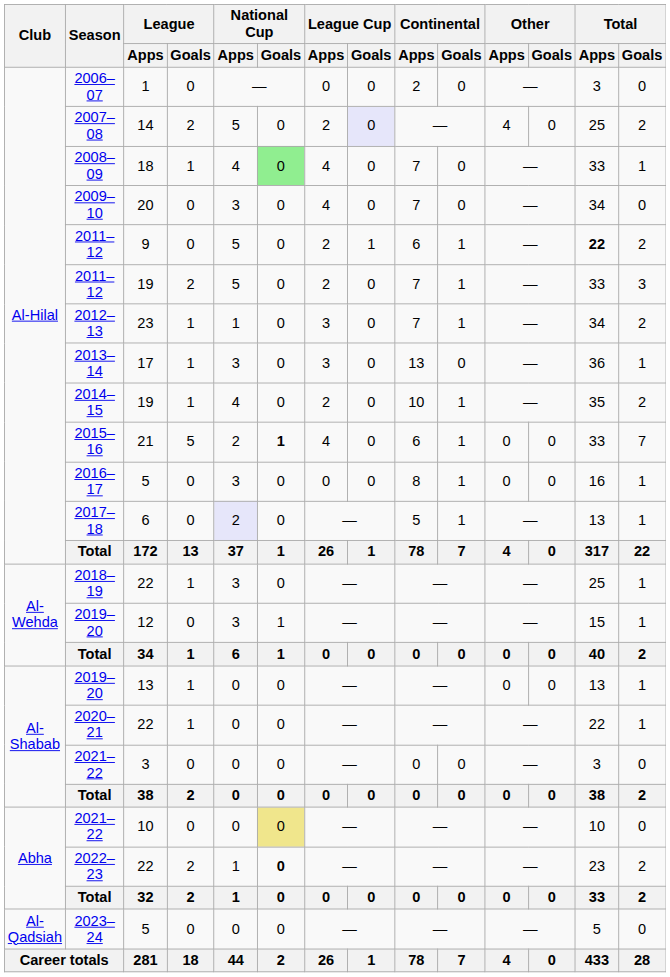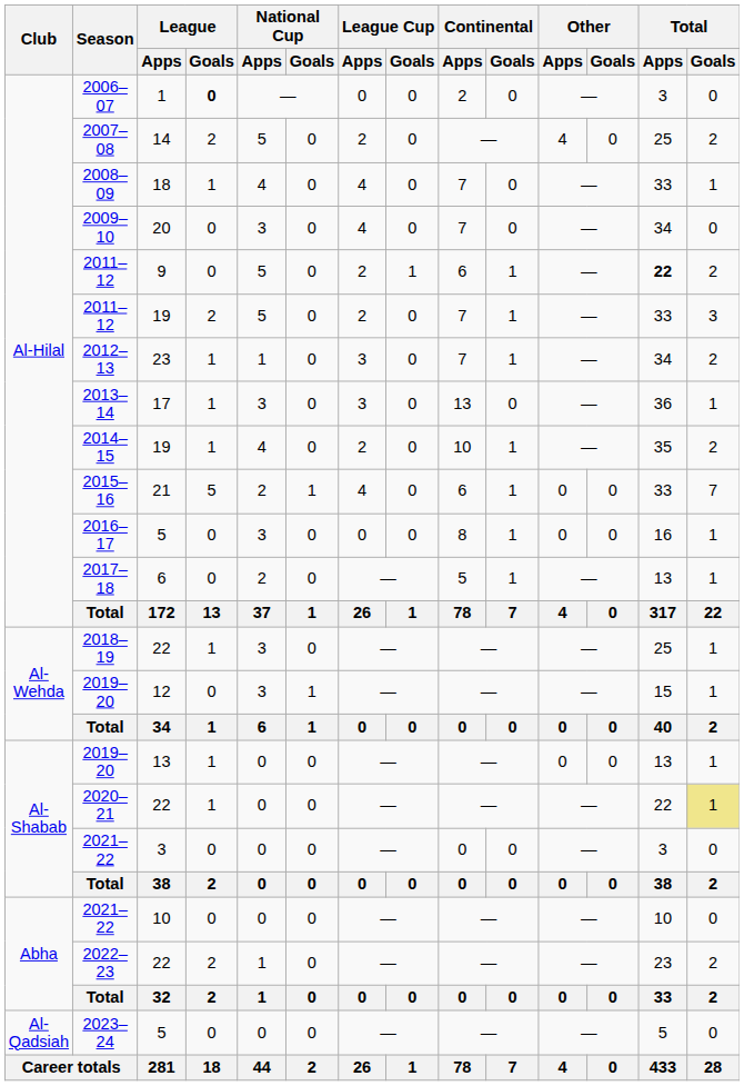 <table class="wikitable" style="text-align: center">
 <tr>
 <th rowspan=2>Club</th>
 <th rowspan=2>Season</th>
 <th colspan=2>League</th>
 <th colspan=2>National Cup</th>
 <th colspan=2>League Cup</th>
 <th colspan=2>Continental</th>
 <th colspan=2>Other</th>
 <th colspan=2>Total</th>
 </tr>
 <tr>
 <th>Apps</th>
 <th>Goals</th>
 <th>Apps</th>
 <th>Goals</th>
 <th>Apps</th>
 <th>Goals</th>
 <th>Apps</th>
 <th>Goals</th>
 <th>Apps</th>
 <th>Goals</th>
 <th>Apps</th>
 <th>Goals</th>
 </tr>
 <tr>
 <td rowspan=13><a href='#'>Al-Hilal</a></td>
 <td><a href='#'>2006–07</a></td>
 <td>1</td>
-<td>0</td>
+<td><strong>0</strong></td>
 <td colspan=2>—</td>
 <td>0</td>
 <td>0</td>
 <td>2</td>
 <td>0</td>
 <td colspan=2>—</td>
 <td>3</td>
 <td>0</td>
 </tr>
 <tr>
 <td><a href='#'>2007–08</a></td>
 <td>14</td>
 <td>2</td>
 <td>5</td>
 <td>0</td>
 <td>2</td>
-<td style="background: lavender;">0</td>
+<td>0</td>
 <td colspan=2>—</td>
 <td>4</td>
 <td>0</td>
 <td>25</td>
 <td>2</td>
 </tr>
 <tr>
 <td><a href='#'>2008–09</a></td>
 <td>18</td>
 <td>1</td>
 <td>4</td>
-<td style="background: lightgreen;">0</td>
+<td>0</td>
 <td>4</td>
 <td>0</td>
 <td>7</td>
 <td>0</td>
 <td colspan=2>—</td>
 <td>33</td>
 <td>1</td>
 </tr>
 <tr>
 <td><a href='#'>2009–10</a></td>
 <td>20</td>
 <td>0</td>
 <td>3</td>
 <td>0</td>
 <td>4</td>
 <td>0</td>
 <td>7</td>
 <td>0</td>
 <td colspan=2>—</td>
 <td>34</td>
 <td>0</td>
 </tr>
 <tr>
 <td><a href='#'>2011–12</a></td>
 <td>9</td>
 <td>0</td>
 <td>5</td>
 <td>0</td>
 <td>2</td>
 <td>1</td>
 <td>6</td>
 <td>1</td>
 <td colspan=2>—</td>
 <td><strong>22</strong></td>
 <td>2</td>
 </tr>
 <tr>
 <td><a href='#'>2011–12</a></td>
 <td>19</td>
 <td>2</td>
 <td>5</td>
 <td>0</td>
 <td>2</td>
 <td>0</td>
 <td>7</td>
 <td>1</td>
 <td colspan=2>—</td>
 <td>33</td>
 <td>3</td>
 </tr>
 <tr>
 <td><a href='#'>2012–13</a></td>
 <td>23</td>
 <td>1</td>
 <td>1</td>
 <td>0</td>
 <td>3</td>
 <td>0</td>
 <td>7</td>
 <td>1</td>
 <td colspan=2>—</td>
 <td>34</td>
 <td>2</td>
 </tr>
 <tr>
 <td><a href='#'>2013–14</a></td>
 <td>17</td>
 <td>1</td>
 <td>3</td>
 <td>0</td>
 <td>3</td>
 <td>0</td>
 <td>13</td>
 <td>0</td>
 <td colspan=2>—</td>
 <td>36</td>
 <td>1</td>
 </tr>
 <tr>
 <td><a href='#'>2014–15</a></td>
 <td>19</td>
 <td>1</td>
 <td>4</td>
 <td>0</td>
 <td>2</td>
 <td>0</td>
 <td>10</td>
 <td>1</td>
 <td colspan=2>—</td>
 <td>35</td>
 <td>2</td>
 </tr>
 <tr>
 <td><a href='#'>2015–16</a></td>
 <td>21</td>
 <td>5</td>
 <td>2</td>
-<td><strong>1</strong></td>
+<td>1</td>
 <td>4</td>
 <td>0</td>
 <td>6</td>
 <td>1</td>
 <td>0</td>
 <td>0</td>
 <td>33</td>
 <td>7</td>
 </tr>
 <tr>
 <td><a href='#'>2016–17</a></td>
 <td>5</td>
 <td>0</td>
 <td>3</td>
 <td>0</td>
 <td>0</td>
 <td>0</td>
 <td>8</td>
 <td>1</td>
 <td>0</td>
 <td>0</td>
 <td>16</td>
 <td>1</td>
 </tr>
 <tr>
 <td><a href='#'>2017–18</a></td>
 <td>6</td>
 <td>0</td>
-<td style="background: lavender;">2</td>
+<td>2</td>
 <td>0</td>
 <td colspan=2>—</td>
 <td>5</td>
 <td>1</td>
 <td colspan=2>—</td>
 <td>13</td>
 <td>1</td>
 </tr>
 <tr>
 <th>Total</th>
 <th>172</th>
 <th>13</th>
 <th>37</th>
 <th>1</th>
 <th>26</th>
 <th>1</th>
 <th>78</th>
 <th>7</th>
 <th>4</th>
 <th>0</th>
 <th>317</th>
 <th>22</th>
 </tr>
 <tr>
 <td rowspan=3><a href='#'>Al-Wehda</a></td>
 <td><a href='#'>2018–19</a></td>
 <td>22</td>
 <td>1</td>
 <td>3</td>
 <td>0</td>
 <td colspan=2>—</td>
 <td colspan=2>—</td>
 <td colspan=2>—</td>
 <td>25</td>
 <td>1</td>
 </tr>
 <tr>
 <td><a href='#'>2019–20</a></td>
 <td>12</td>
 <td>0</td>
 <td>3</td>
 <td>1</td>
 <td colspan=2>—</td>
 <td colspan=2>—</td>
 <td colspan=2>—</td>
 <td>15</td>
 <td>1</td>
 </tr>
 <tr>
 <th>Total</th>
 <th>34</th>
 <th>1</th>
 <th>6</th>
 <th>1</th>
 <th>0</th>
 <th>0</th>
 <th>0</th>
 <th>0</th>
 <th>0</th>
 <th>0</th>
 <th>40</th>
 <th>2</th>
 </tr>
 <tr>
 <td rowspan=4><a href='#'>Al-Shabab</a></td>
 <td><a href='#'>2019–20</a></td>
 <td>13</td>
 <td>1</td>
 <td>0</td>
 <td>0</td>
 <td colspan=2>—</td>
 <td colspan=2>—</td>
 <td>0</td>
 <td>0</td>
 <td>13</td>
 <td>1</td>
 </tr>
 <tr>
 <td><a href='#'>2020–21</a></td>
 <td>22</td>
 <td>1</td>
 <td>0</td>
 <td>0</td>
 <td colspan=2>—</td>
 <td colspan=2>—</td>
 <td colspan=2>—</td>
 <td>22</td>
-<td>1</td>
+<td style="background: khaki;">1</td>
 </tr>
 <tr>
 <td><a href='#'>2021–22</a></td>
 <td>3</td>
 <td>0</td>
 <td>0</td>
 <td>0</td>
 <td colspan=2>—</td>
 <td>0</td>
 <td>0</td>
 <td colspan=2>—</td>
 <td>3</td>
 <td>0</td>
 </tr>
 <tr>
 <th>Total</th>
 <th>38</th>
 <th>2</th>
 <th>0</th>
 <th>0</th>
 <th>0</th>
 <th>0</th>
 <th>0</th>
 <th>0</th>
 <th>0</th>
 <th>0</th>
 <th>38</th>
 <th>2</th>
 </tr>
 <tr>
 <td rowspan=3><a href='#'>Abha</a></td>
 <td><a href='#'>2021–22</a></td>
 <td>10</td>
 <td>0</td>
 <td>0</td>
-<td style="background: khaki;">0</td>
+<td>0</td>
 <td colspan=2>—</td>
 <td colspan=2>—</td>
 <td colspan=2>—</td>
 <td>10</td>
 <td>0</td>
 </tr>
 <tr>
 <td><a href='#'>2022–23</a></td>
 <td>22</td>
 <td>2</td>
 <td>1</td>
-<td><strong>0</strong></td>
+<td>0</td>
 <td colspan=2>—</td>
 <td colspan=2>—</td>
 <td colspan=2>—</td>
 <td>23</td>
 <td>2</td>
 </tr>
 <tr>
 <th>Total</th>
 <th>32</th>
 <th>2</th>
 <th>1</th>
 <th>0</th>
 <th>0</th>
 <th>0</th>
 <th>0</th>
 <th>0</th>
 <th>0</th>
 <th>0</th>
 <th>33</th>
 <th>2</th>
 </tr>
 <tr>
 <td rowspan=1><a href='#'>Al-Qadsiah</a></td>
 <td><a href='#'>2023–24</a></td>
 <td>5</td>
 <td>0</td>
 <td>0</td>
 <td>0</td>
 <td colspan=2>—</td>
 <td colspan=2>—</td>
 <td colspan=2>—</td>
 <td>5</td>
 <td>0</td>
 </tr>
 <tr>
 <th colspan=2>Career totals</th>
 <th>281</th>
 <th>18</th>
 <th>44</th>
 <th>2</th>
 <th>26</th>
 <th>1</th>
 <th>78</th>
 <th>7</th>
 <th>4</th>
 <th>0</th>
 <th>433</th>
 <th>28</th>
 </tr>
 </table>
